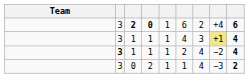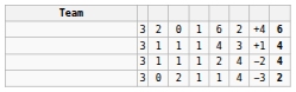 <table class="wikitable" style="text-align: center;">
 <tr>
 <th width=165>Team</th>
 <th wiBAN=20></th>
 <th width=20></th>
 <th width=20></th>
 <th width=20></th>
 <th width=20></th>
 <th width=20></th>
 <th width=20></th>
 <th width=20></th>
 </tr>
 <tr>
 <td align=left></td>
 <td>3</td>
-<td><strong>2</strong></td>
-<td><strong>0</strong></td>
+<td>2</td>
+<td>0</td>
 <td>1</td>
 <td>6</td>
 <td>2</td>
 <td>+4</td>
 <td><strong>6</strong></td>
 </tr>
 <tr>
 <td align=left></td>
 <td>3</td>
 <td>1</td>
 <td>1</td>
 <td>1</td>
 <td>4</td>
 <td>3</td>
-<td style="background: khaki;">+1</td>
+<td>+1</td>
 <td><strong>4</strong></td>
 </tr>
 <tr>
 <td align=left></td>
-<td><strong>3</strong></td>
+<td>3</td>
 <td>1</td>
 <td>1</td>
 <td>1</td>
 <td>2</td>
 <td>4</td>
 <td>−2</td>
 <td><strong>4</strong></td>
 </tr>
 <tr>
 <td align=left></td>
 <td>3</td>
 <td>0</td>
 <td>2</td>
 <td>1</td>
 <td>1</td>
 <td>4</td>
 <td>−3</td>
 <td><strong>2</strong></td>
 </tr>
 </table>
